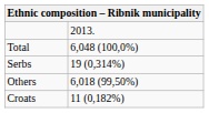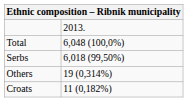 <table class="wikitable">
 <tr>
 <th colspan="8">Ethnic composition – Ribnik municipality</th>
 </tr>
 <tr>
 <td></td>
 <td>2013.</td>
 </tr>
 <tr>
 <td>Total</td>
 <td>6,048 (100,0%)</td>
 </tr>
 <tr>
 <td>Serbs</td>
-<td>19 (0,314%)</td>
+<td>6,018 (99,50%)</td>
 </tr>
 <tr>
 <td>Others</td>
-<td>6,018 (99,50%)</td>
+<td>19 (0,314%)</td>
 </tr>
 <tr>
 <td>Croats</td>
 <td>11 (0,182%)</td>
 </tr>
 </table>
